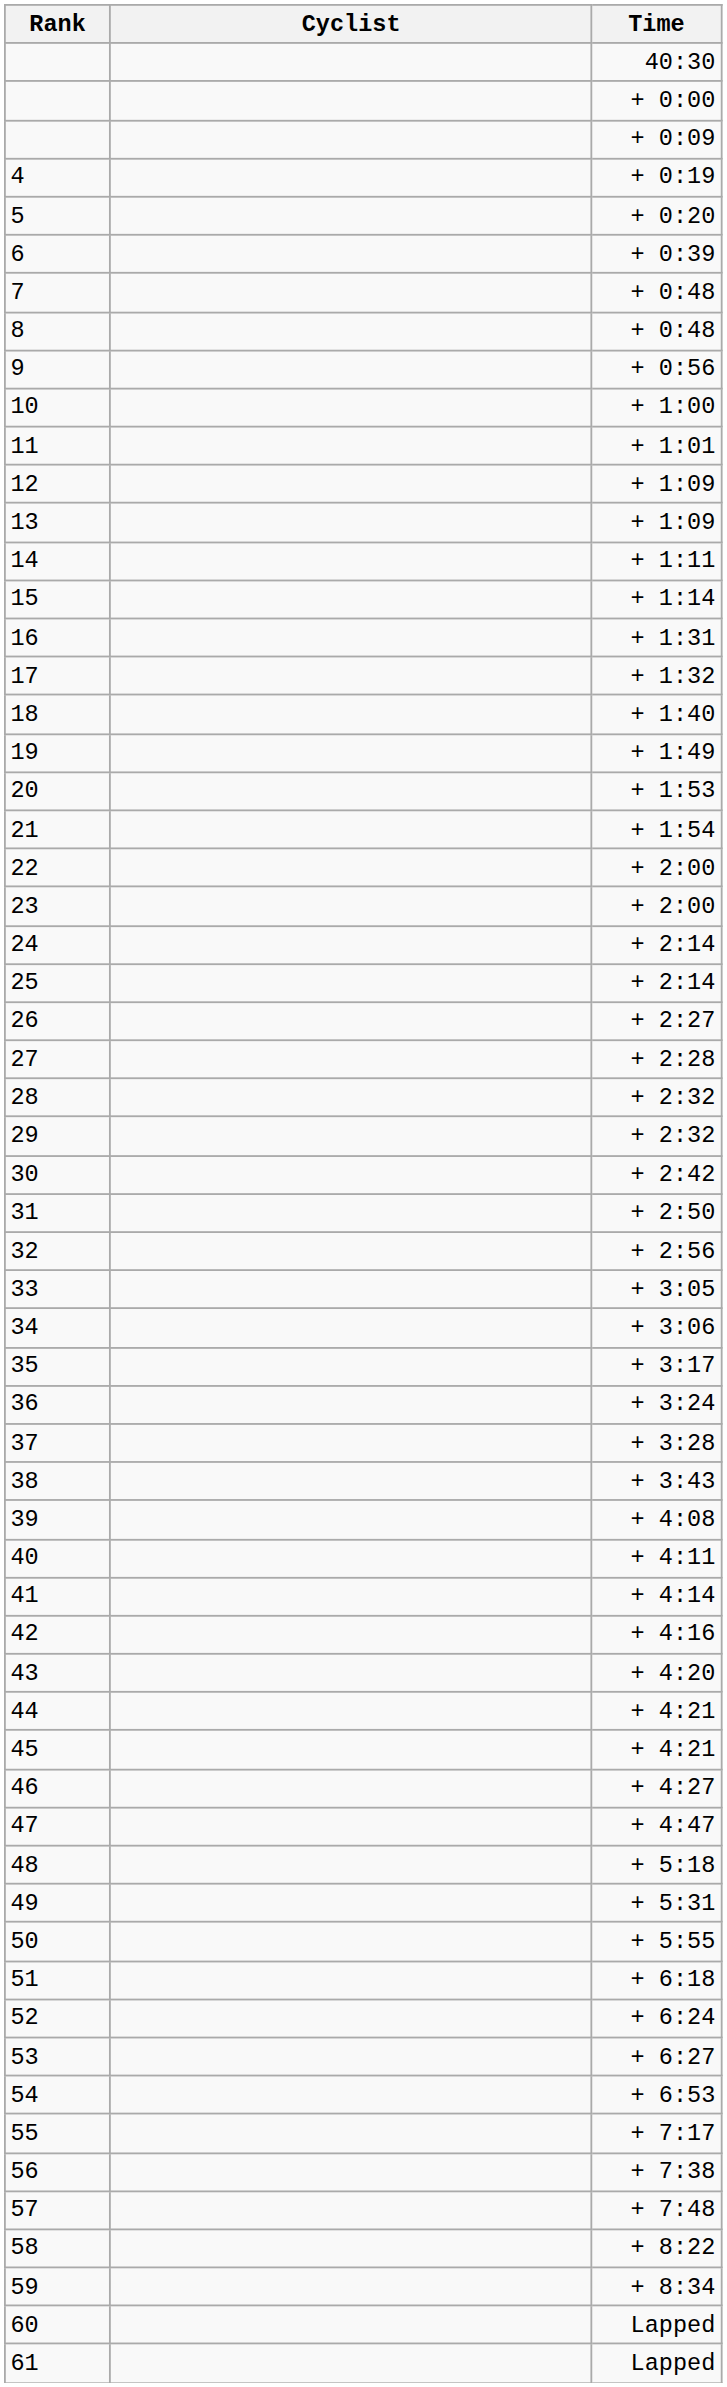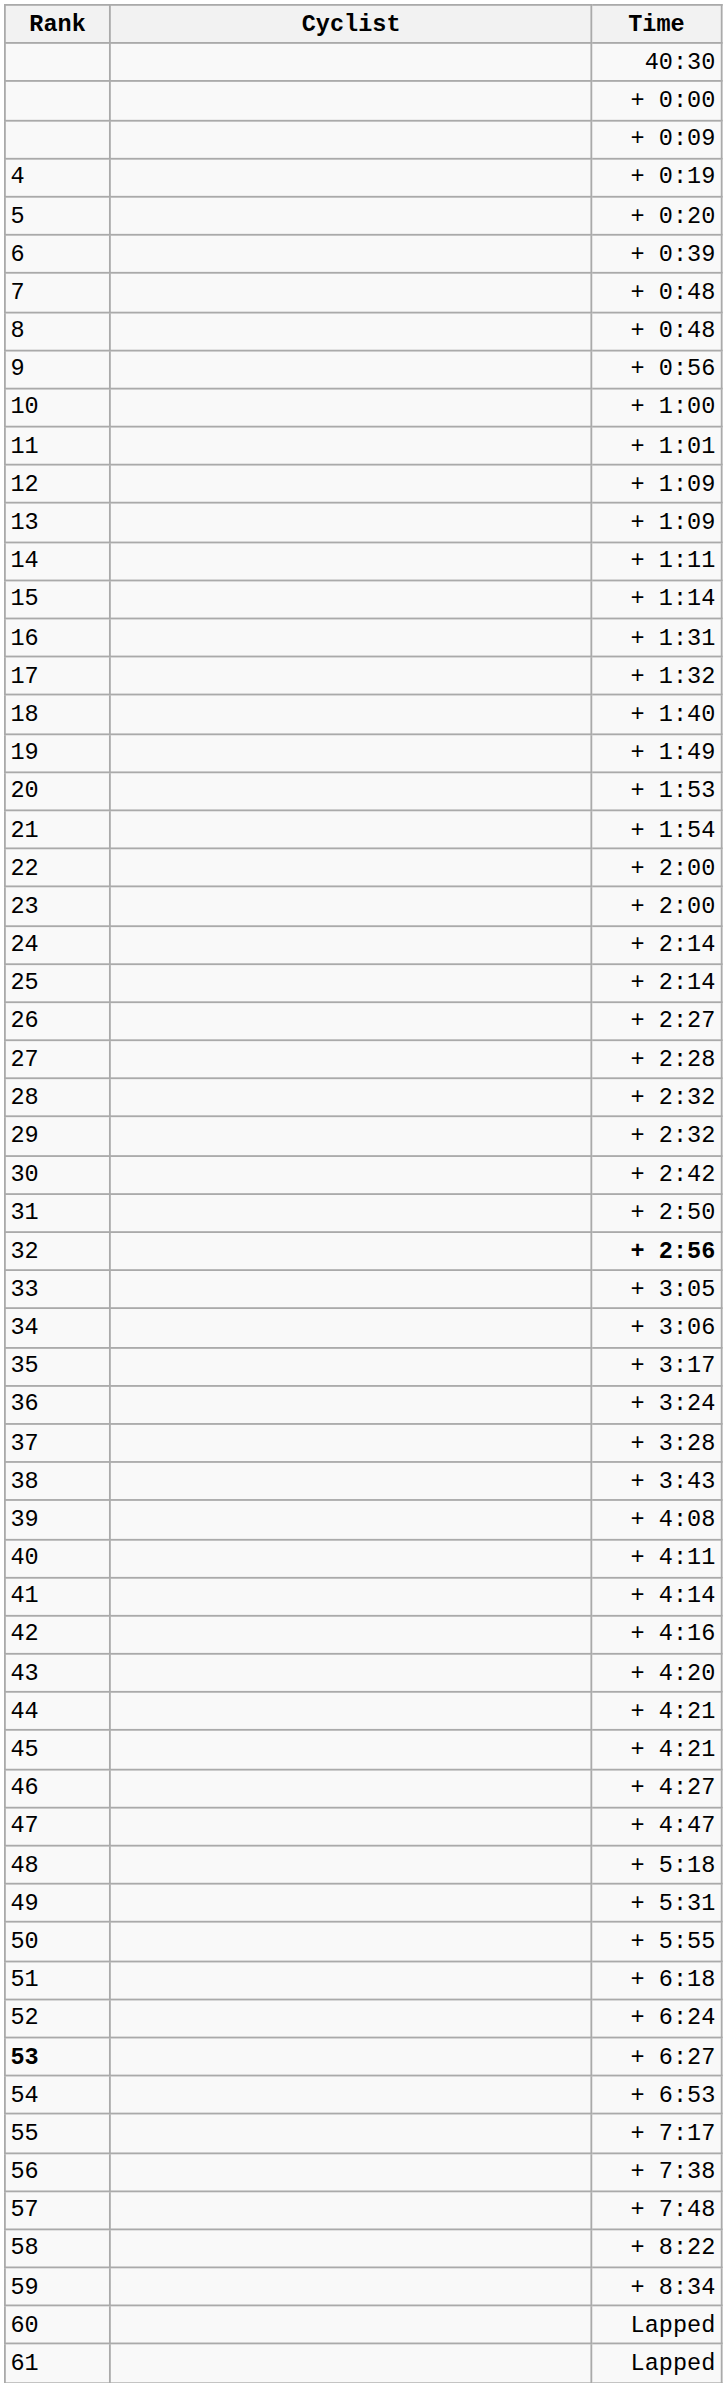 <table class="wikitable">
 <tr>
 <th style="width: 4em;">Rank</th>
 <th style="width: 20em;">Cyclist</th>
 <th style="width: 5em;">Time</th>
 </tr>
 <tr>
 <td></td>
 <td></td>
 <td align="right">40:30</td>
 </tr>
 <tr>
 <td></td>
 <td></td>
 <td align="right">+ 0:00</td>
 </tr>
 <tr>
 <td></td>
 <td></td>
 <td align="right">+ 0:09</td>
 </tr>
 <tr>
 <td>4</td>
 <td></td>
 <td align="right">+ 0:19</td>
 </tr>
 <tr>
 <td>5</td>
 <td></td>
 <td align="right">+ 0:20</td>
 </tr>
 <tr>
 <td>6</td>
 <td></td>
 <td align="right">+ 0:39</td>
 </tr>
 <tr>
 <td>7</td>
 <td></td>
 <td align="right">+ 0:48</td>
 </tr>
 <tr>
 <td>8</td>
 <td></td>
 <td align="right">+ 0:48</td>
 </tr>
 <tr>
 <td>9</td>
 <td></td>
 <td align="right">+ 0:56</td>
 </tr>
 <tr>
 <td>10</td>
 <td></td>
 <td align="right">+ 1:00</td>
 </tr>
 <tr>
 <td>11</td>
 <td></td>
 <td align="right">+ 1:01</td>
 </tr>
 <tr>
 <td>12</td>
 <td></td>
 <td align="right">+ 1:09</td>
 </tr>
 <tr>
 <td>13</td>
 <td></td>
 <td align="right">+ 1:09</td>
 </tr>
 <tr>
 <td>14</td>
 <td></td>
 <td align="right">+ 1:11</td>
 </tr>
 <tr>
 <td>15</td>
 <td></td>
 <td align="right">+ 1:14</td>
 </tr>
 <tr>
 <td>16</td>
 <td></td>
 <td align="right">+ 1:31</td>
 </tr>
 <tr>
 <td>17</td>
 <td></td>
 <td align="right">+ 1:32</td>
 </tr>
 <tr>
 <td>18</td>
 <td></td>
 <td align="right">+ 1:40</td>
 </tr>
 <tr>
 <td>19</td>
 <td></td>
 <td align="right">+ 1:49</td>
 </tr>
 <tr>
 <td>20</td>
 <td></td>
 <td align="right">+ 1:53</td>
 </tr>
 <tr>
 <td>21</td>
 <td></td>
 <td align="right">+ 1:54</td>
 </tr>
 <tr>
 <td>22</td>
 <td></td>
 <td align="right">+ 2:00</td>
 </tr>
 <tr>
 <td>23</td>
 <td></td>
 <td align="right">+ 2:00</td>
 </tr>
 <tr>
 <td>24</td>
 <td></td>
 <td align="right">+ 2:14</td>
 </tr>
 <tr>
 <td>25</td>
 <td></td>
 <td align="right">+ 2:14</td>
 </tr>
 <tr>
 <td>26</td>
 <td></td>
 <td align="right">+ 2:27</td>
 </tr>
 <tr>
 <td>27</td>
 <td></td>
 <td align="right">+ 2:28</td>
 </tr>
 <tr>
 <td>28</td>
 <td></td>
 <td align="right">+ 2:32</td>
 </tr>
 <tr>
 <td>29</td>
 <td></td>
 <td align="right">+ 2:32</td>
 </tr>
 <tr>
 <td>30</td>
 <td></td>
 <td align="right">+ 2:42</td>
 </tr>
 <tr>
 <td>31</td>
 <td></td>
 <td align="right">+ 2:50</td>
 </tr>
 <tr>
 <td>32</td>
 <td></td>
-<td align="right">+ 2:56</td>
+<td align="right"><strong>+ 2:56</strong></td>
 </tr>
 <tr>
 <td>33</td>
 <td></td>
 <td align="right">+ 3:05</td>
 </tr>
 <tr>
 <td>34</td>
 <td></td>
 <td align="right">+ 3:06</td>
 </tr>
 <tr>
 <td>35</td>
 <td></td>
 <td align="right">+ 3:17</td>
 </tr>
 <tr>
 <td>36</td>
 <td></td>
 <td align="right">+ 3:24</td>
 </tr>
 <tr>
 <td>37</td>
 <td></td>
 <td align="right">+ 3:28</td>
 </tr>
 <tr>
 <td>38</td>
 <td></td>
 <td align="right">+ 3:43</td>
 </tr>
 <tr>
 <td>39</td>
 <td></td>
 <td align="right">+ 4:08</td>
 </tr>
 <tr>
 <td>40</td>
 <td></td>
 <td align="right">+ 4:11</td>
 </tr>
 <tr>
 <td>41</td>
 <td></td>
 <td align="right">+ 4:14</td>
 </tr>
 <tr>
 <td>42</td>
 <td></td>
 <td align="right">+ 4:16</td>
 </tr>
 <tr>
 <td>43</td>
 <td></td>
 <td align="right">+ 4:20</td>
 </tr>
 <tr>
 <td>44</td>
 <td></td>
 <td align="right">+ 4:21</td>
 </tr>
 <tr>
 <td>45</td>
 <td></td>
 <td align="right">+ 4:21</td>
 </tr>
 <tr>
 <td>46</td>
 <td></td>
 <td align="right">+ 4:27</td>
 </tr>
 <tr>
 <td>47</td>
 <td></td>
 <td align="right">+ 4:47</td>
 </tr>
 <tr>
 <td>48</td>
 <td></td>
 <td align="right">+ 5:18</td>
 </tr>
 <tr>
 <td>49</td>
 <td></td>
 <td align="right">+ 5:31</td>
 </tr>
 <tr>
 <td>50</td>
 <td></td>
 <td align="right">+ 5:55</td>
 </tr>
 <tr>
 <td>51</td>
 <td></td>
 <td align="right">+ 6:18</td>
 </tr>
 <tr>
 <td>52</td>
 <td></td>
 <td align="right">+ 6:24</td>
 </tr>
 <tr>
-<td>53</td>
+<td><strong>53</strong></td>
 <td></td>
 <td align="right">+ 6:27</td>
 </tr>
 <tr>
 <td>54</td>
 <td></td>
 <td align="right">+ 6:53</td>
 </tr>
 <tr>
 <td>55</td>
 <td></td>
 <td align="right">+ 7:17</td>
 </tr>
 <tr>
 <td>56</td>
 <td></td>
 <td align="right">+ 7:38</td>
 </tr>
 <tr>
 <td>57</td>
 <td></td>
 <td align="right">+ 7:48</td>
 </tr>
 <tr>
 <td>58</td>
 <td></td>
 <td align="right">+ 8:22</td>
 </tr>
 <tr>
 <td>59</td>
 <td></td>
 <td align="right">+ 8:34</td>
 </tr>
 <tr>
 <td>60</td>
 <td></td>
 <td align="right">Lapped</td>
 </tr>
 <tr>
 <td>61</td>
 <td></td>
 <td align="right">Lapped</td>
 </tr>
 </table>
